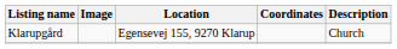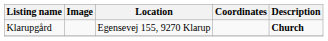 <table class="wikitable sortable">
 <tr>
 <th>Listing name</th>
 <th>Image</th>
 <th>Location</th>
 <th>Coordinates</th>
 <th>Description</th>
 </tr>
 <tr>
 <td>Klarupgård</td>
 <td></td>
 <td>Egensevej 155, 9270 Klarup</td>
 <td></td>
-<td>Church</td>
+<td><strong>Church</strong></td>
 </tr>
 <tr>
 </tr>
 </table>
